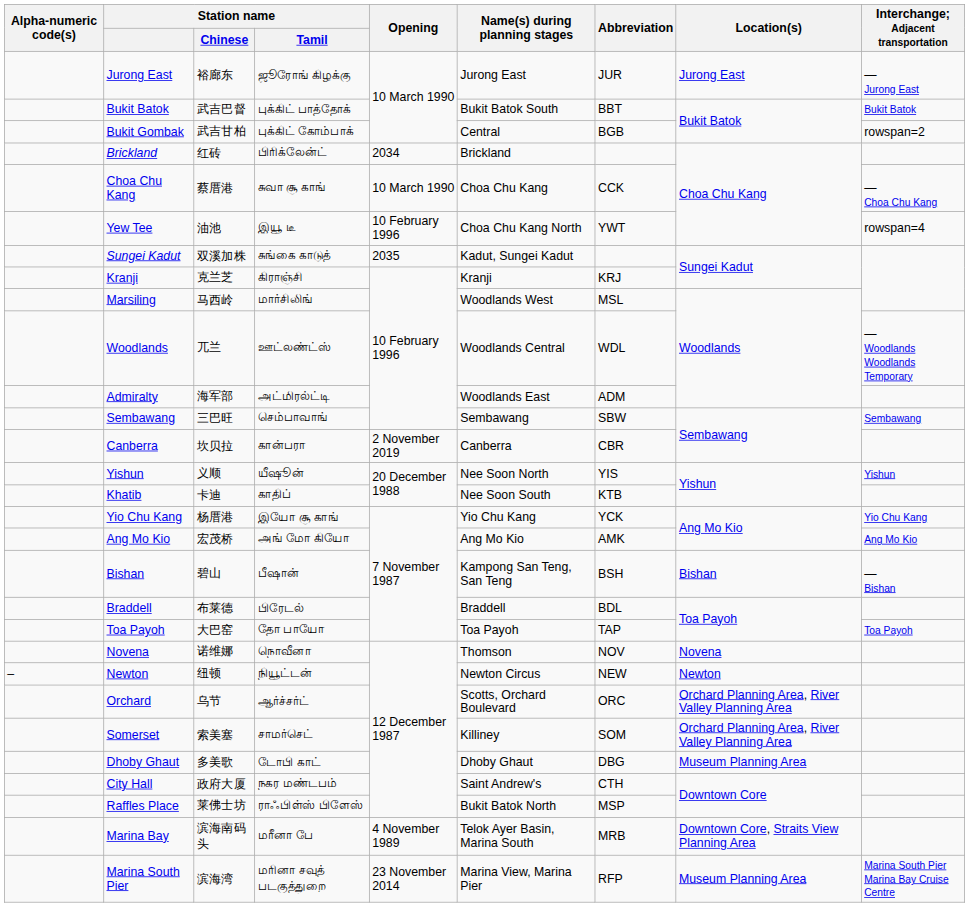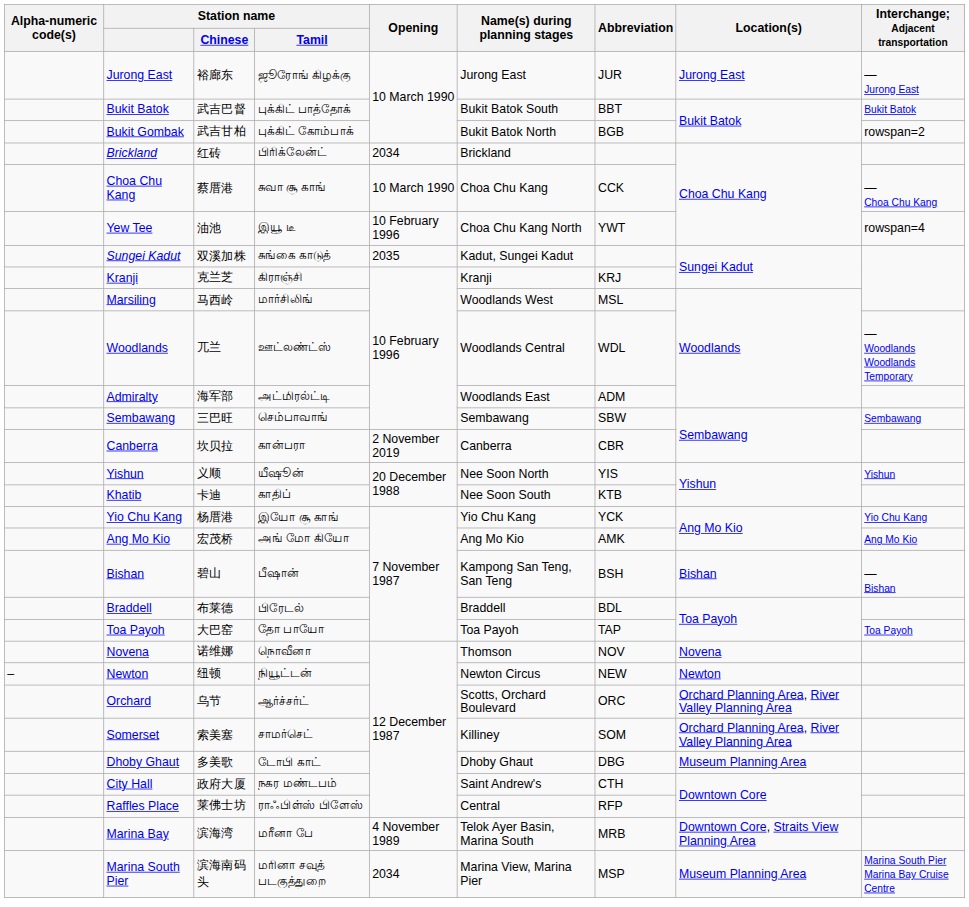 <table class="wikitable sortable">
 <tr>
 <th scope="col" rowspan="2">Alpha-numeric code(s)</th>
 <th scope="col" colspan="3" class="unsortable">Station name</th>
 <th scope="col" rowspan="2">Opening</th>
 <th scope="col" rowspan="2">Name(s) during planning stages</th>
 <th scope="col" rowspan="2">Abbreviation</th>
 <th scope="col" rowspan="2">Location(s)</th>
 <th scope="col" rowspan="2">Interchange;<br><small>Adjacent transportation</small></th>
 </tr>
 <tr>
 <th scope="col"></th>
 <th scope="col"><a href='#'>Chinese</a></th>
 <th scope="col"><a href='#'>Tamil</a></th>
 </tr>
 <tr>
 <td><br><br> </td>
 <td><a href='#'>Jurong East</a></td>
 <td>裕廊东</td>
 <td>ஜூரோங் கிழக்கு</td>
 <td rowspan=3>10 March 1990</td>
 <td>Jurong East</td>
 <td>JUR</td>
 <td><a href='#'>Jurong East</a></td>
 <td> <br>—<br> <small><a href='#'>Jurong East</a></small></td>
 </tr>
 <tr>
 <td><br> </td>
 <td><a href='#'>Bukit Batok</a></td>
 <td>武吉巴督</td>
 <td>புக்கிட் பாத்தோக்</td>
 <td>Bukit Batok South</td>
 <td>BBT</td>
 <td rowspan=2><a href='#'>Bukit Batok</a></td>
 <td> <small><a href='#'>Bukit Batok</a></small></td>
 </tr>
 <tr>
 <td><br> </td>
 <td><a href='#'>Bukit Gombak</a></td>
 <td>武吉甘柏</td>
 <td>புக்கிட் கோம்பாக்</td>
-<td>Central</td>
+<td>Bukit Batok North</td>
 <td>BGB</td>
 <td>rowspan=2 </td>
 </tr>
 <tr>
 <td><br> </td>
 <td><a href='#'><em>Brickland</em></a></td>
 <td>红砖</td>
 <td>பிரிக்லேன்ட்</td>
 <td>2034</td>
 <td>Brickland</td>
 <td></td>
 <td rowspan=3><a href='#'>Choa Chu Kang</a></td>
 </tr>
 <tr>
 <td><br> </td>
 <td><a href='#'>Choa Chu Kang</a></td>
 <td>蔡厝港</td>
 <td>சுவா சூ காங்</td>
 <td>10 March 1990</td>
 <td>Choa Chu Kang</td>
 <td>CCK</td>
 <td> <br>—<br> <small><a href='#'>Choa Chu Kang</a></small></td>
 </tr>
 <tr>
 <td><br> </td>
 <td><a href='#'>Yew Tee</a></td>
 <td>油池</td>
 <td>இயூ டீ</td>
 <td>10 February 1996</td>
 <td>Choa Chu Kang North</td>
 <td>YWT</td>
 <td>rowspan=4 </td>
 </tr>
 <tr>
 <td><br> </td>
 <td><a href='#'><em>Sungei Kadut</em></a></td>
 <td>双溪加株</td>
 <td>சுங்கை காடுத்</td>
 <td>2035</td>
 <td>Kadut, Sungei Kadut</td>
 <td></td>
 <td rowspan=2><a href='#'>Sungei Kadut</a></td>
 </tr>
 <tr>
 <td><br> </td>
 <td><a href='#'>Kranji</a></td>
 <td>克兰芝</td>
 <td>கிராஞ்சி</td>
 <td rowspan=5>10 February 1996</td>
 <td>Kranji</td>
 <td>KRJ</td>
 </tr>
 <tr>
 <td><br> </td>
 <td><a href='#'>Marsiling</a></td>
 <td>马西岭</td>
 <td>மார்சிலிங்</td>
 <td>Woodlands West</td>
 <td>MSL</td>
 <td rowspan=3><a href='#'>Woodlands</a></td>
 </tr>
 <tr>
 <td><br>  </td>
 <td><a href='#'>Woodlands</a></td>
 <td>兀兰</td>
 <td>ஊட்லண்ட்ஸ்</td>
 <td>Woodlands Central</td>
 <td>WDL</td>
 <td> <br>—<br> <small><a href='#'>Woodlands</a></small><br> <small><a href='#'>Woodlands Temporary</a></small></td>
 </tr>
 <tr>
 <td><br> </td>
 <td><a href='#'>Admiralty</a></td>
 <td>海军部</td>
 <td>அட்மிரல்ட்டி</td>
 <td>Woodlands East</td>
 <td>ADM</td>
 <td></td>
 </tr>
 <tr>
 <td><br> </td>
 <td><a href='#'>Sembawang</a></td>
 <td>三巴旺</td>
 <td>செம்பாவாங்</td>
 <td>Sembawang</td>
 <td>SBW</td>
 <td rowspan=2><a href='#'>Sembawang</a></td>
 <td> <small><a href='#'>Sembawang</a></small></td>
 </tr>
 <tr>
 <td><br> </td>
 <td><a href='#'>Canberra</a></td>
 <td>坎贝拉</td>
 <td>கான்பரா</td>
 <td>2 November 2019</td>
 <td>Canberra</td>
 <td>CBR</td>
 <td></td>
 </tr>
 <tr>
 <td><br> </td>
 <td><a href='#'>Yishun</a></td>
 <td>义顺</td>
 <td>யீஷூன்</td>
 <td rowspan=2>20 December 1988</td>
 <td>Nee Soon North</td>
 <td>YIS</td>
 <td rowspan=2><a href='#'>Yishun</a></td>
 <td> <small><a href='#'>Yishun</a></small></td>
 </tr>
 <tr>
 <td><br> </td>
 <td><a href='#'>Khatib</a></td>
 <td>卡迪</td>
 <td>காதிப்</td>
 <td>Nee Soon South</td>
 <td>KTB</td>
 <td></td>
 </tr>
 <tr>
 <td><br> </td>
 <td><a href='#'>Yio Chu Kang</a></td>
 <td>杨厝港</td>
 <td>இயோ சூ காங்</td>
 <td rowspan=5>7 November 1987</td>
 <td>Yio Chu Kang</td>
 <td>YCK</td>
 <td rowspan=2><a href='#'>Ang Mo Kio</a></td>
 <td> <small><a href='#'>Yio Chu Kang</a></small></td>
 </tr>
 <tr>
 <td><br> </td>
 <td><a href='#'>Ang Mo Kio</a></td>
 <td>宏茂桥</td>
 <td>அங் மோ கியோ</td>
 <td>Ang Mo Kio</td>
 <td>AMK</td>
 <td> <small><a href='#'>Ang Mo Kio</a></small></td>
 </tr>
 <tr>
 <td><br>  </td>
 <td><a href='#'>Bishan</a></td>
 <td>碧山</td>
 <td>பீஷான்</td>
 <td>Kampong San Teng, San Teng</td>
 <td>BSH</td>
 <td><a href='#'>Bishan</a></td>
 <td> <br>—<br> <small><a href='#'>Bishan</a></small></td>
 </tr>
 <tr>
 <td><br>  </td>
 <td><a href='#'>Braddell</a></td>
 <td>布莱德</td>
 <td>பிரேடல்</td>
 <td>Braddell</td>
 <td>BDL</td>
 <td rowspan=2><a href='#'>Toa Payoh</a></td>
 <td></td>
 </tr>
 <tr>
 <td><br> </td>
 <td><a href='#'>Toa Payoh</a></td>
 <td>大巴窑</td>
 <td>தோ பாயோ</td>
 <td>Toa Payoh</td>
 <td>TAP</td>
 <td> <small><a href='#'>Toa Payoh</a></small></td>
 </tr>
 <tr>
 <td><br> </td>
 <td><a href='#'>Novena</a></td>
 <td>诺维娜</td>
 <td>நொவீனா</td>
 <td rowspan=7>12 December 1987</td>
 <td>Thomson</td>
 <td>NOV</td>
 <td><a href='#'>Novena</a></td>
 <td></td>
 </tr>
 <tr>
 <td>–<br>  </td>
 <td><a href='#'>Newton</a></td>
 <td>纽顿</td>
 <td>நியூட்டன்</td>
 <td>Newton Circus</td>
 <td>NEW</td>
 <td><a href='#'>Newton</a></td>
 <td>  </td>
 </tr>
 <tr>
 <td><br> </td>
 <td><a href='#'>Orchard</a></td>
 <td>乌节</td>
 <td>ஆர்ச்சர்ட்</td>
 <td>Scotts, Orchard Boulevard</td>
 <td>ORC</td>
 <td><a href='#'>Orchard Planning Area</a>, <a href='#'>River Valley Planning Area</a></td>
 <td> </td>
 </tr>
 <tr>
 <td><br>  </td>
 <td><a href='#'>Somerset</a></td>
 <td>索美塞</td>
 <td>சாமர்செட்</td>
 <td>Killiney</td>
 <td>SOM</td>
 <td><a href='#'>Orchard Planning Area</a>, <a href='#'>River Valley Planning Area</a></td>
 <td></td>
 </tr>
 <tr>
 <td><br> </td>
 <td><a href='#'>Dhoby Ghaut</a></td>
 <td>多美歌</td>
 <td>டோபி காட்</td>
 <td>Dhoby Ghaut</td>
 <td>DBG</td>
 <td><a href='#'>Museum Planning Area</a></td>
 <td> <br> </td>
 </tr>
 <tr>
 <td><br>  </td>
 <td><a href='#'>City Hall</a></td>
 <td>政府大厦</td>
 <td>நகர மண்டபம்</td>
 <td>Saint Andrew's</td>
 <td>CTH</td>
 <td rowspan=2><a href='#'>Downtown Core</a></td>
 <td> </td>
 </tr>
 <tr>
 <td><br>  </td>
 <td><a href='#'>Raffles Place</a></td>
 <td>莱佛士坊</td>
 <td>ராஃபிள்ஸ் பிளேஸ்</td>
-<td>Bukit Batok North</td>
-<td>MSP</td>
+<td>Central</td>
+<td>RFP</td>
 <td> </td>
 </tr>
 <tr>
 <td><br>  </td>
 <td><a href='#'>Marina Bay</a></td>
-<td>滨海南码头</td>
+<td>滨海湾</td>
 <td>மரீனா பே</td>
 <td>4 November 1989</td>
 <td>Telok Ayer Basin, Marina South</td>
 <td>MRB</td>
 <td><a href='#'>Downtown Core</a>, <a href='#'>Straits View Planning Area</a></td>
 <td> <br> </td>
 </tr>
 <tr>
 <td><br><br> </td>
 <td><a href='#'>Marina South Pier</a></td>
-<td>滨海湾</td>
+<td>滨海南码头</td>
 <td>மரினா சவுத் படகுத்துறை</td>
-<td>23 November 2014</td>
+<td>2034</td>
 <td>Marina View, Marina Pier</td>
-<td>RFP</td>
+<td>MSP</td>
 <td><a href='#'>Museum Planning Area</a></td>
 <td> <small><a href='#'>Marina South Pier</a></small> <br> <small><a href='#'>Marina Bay Cruise Centre</a></small> </td>
 </tr>
 </table>
